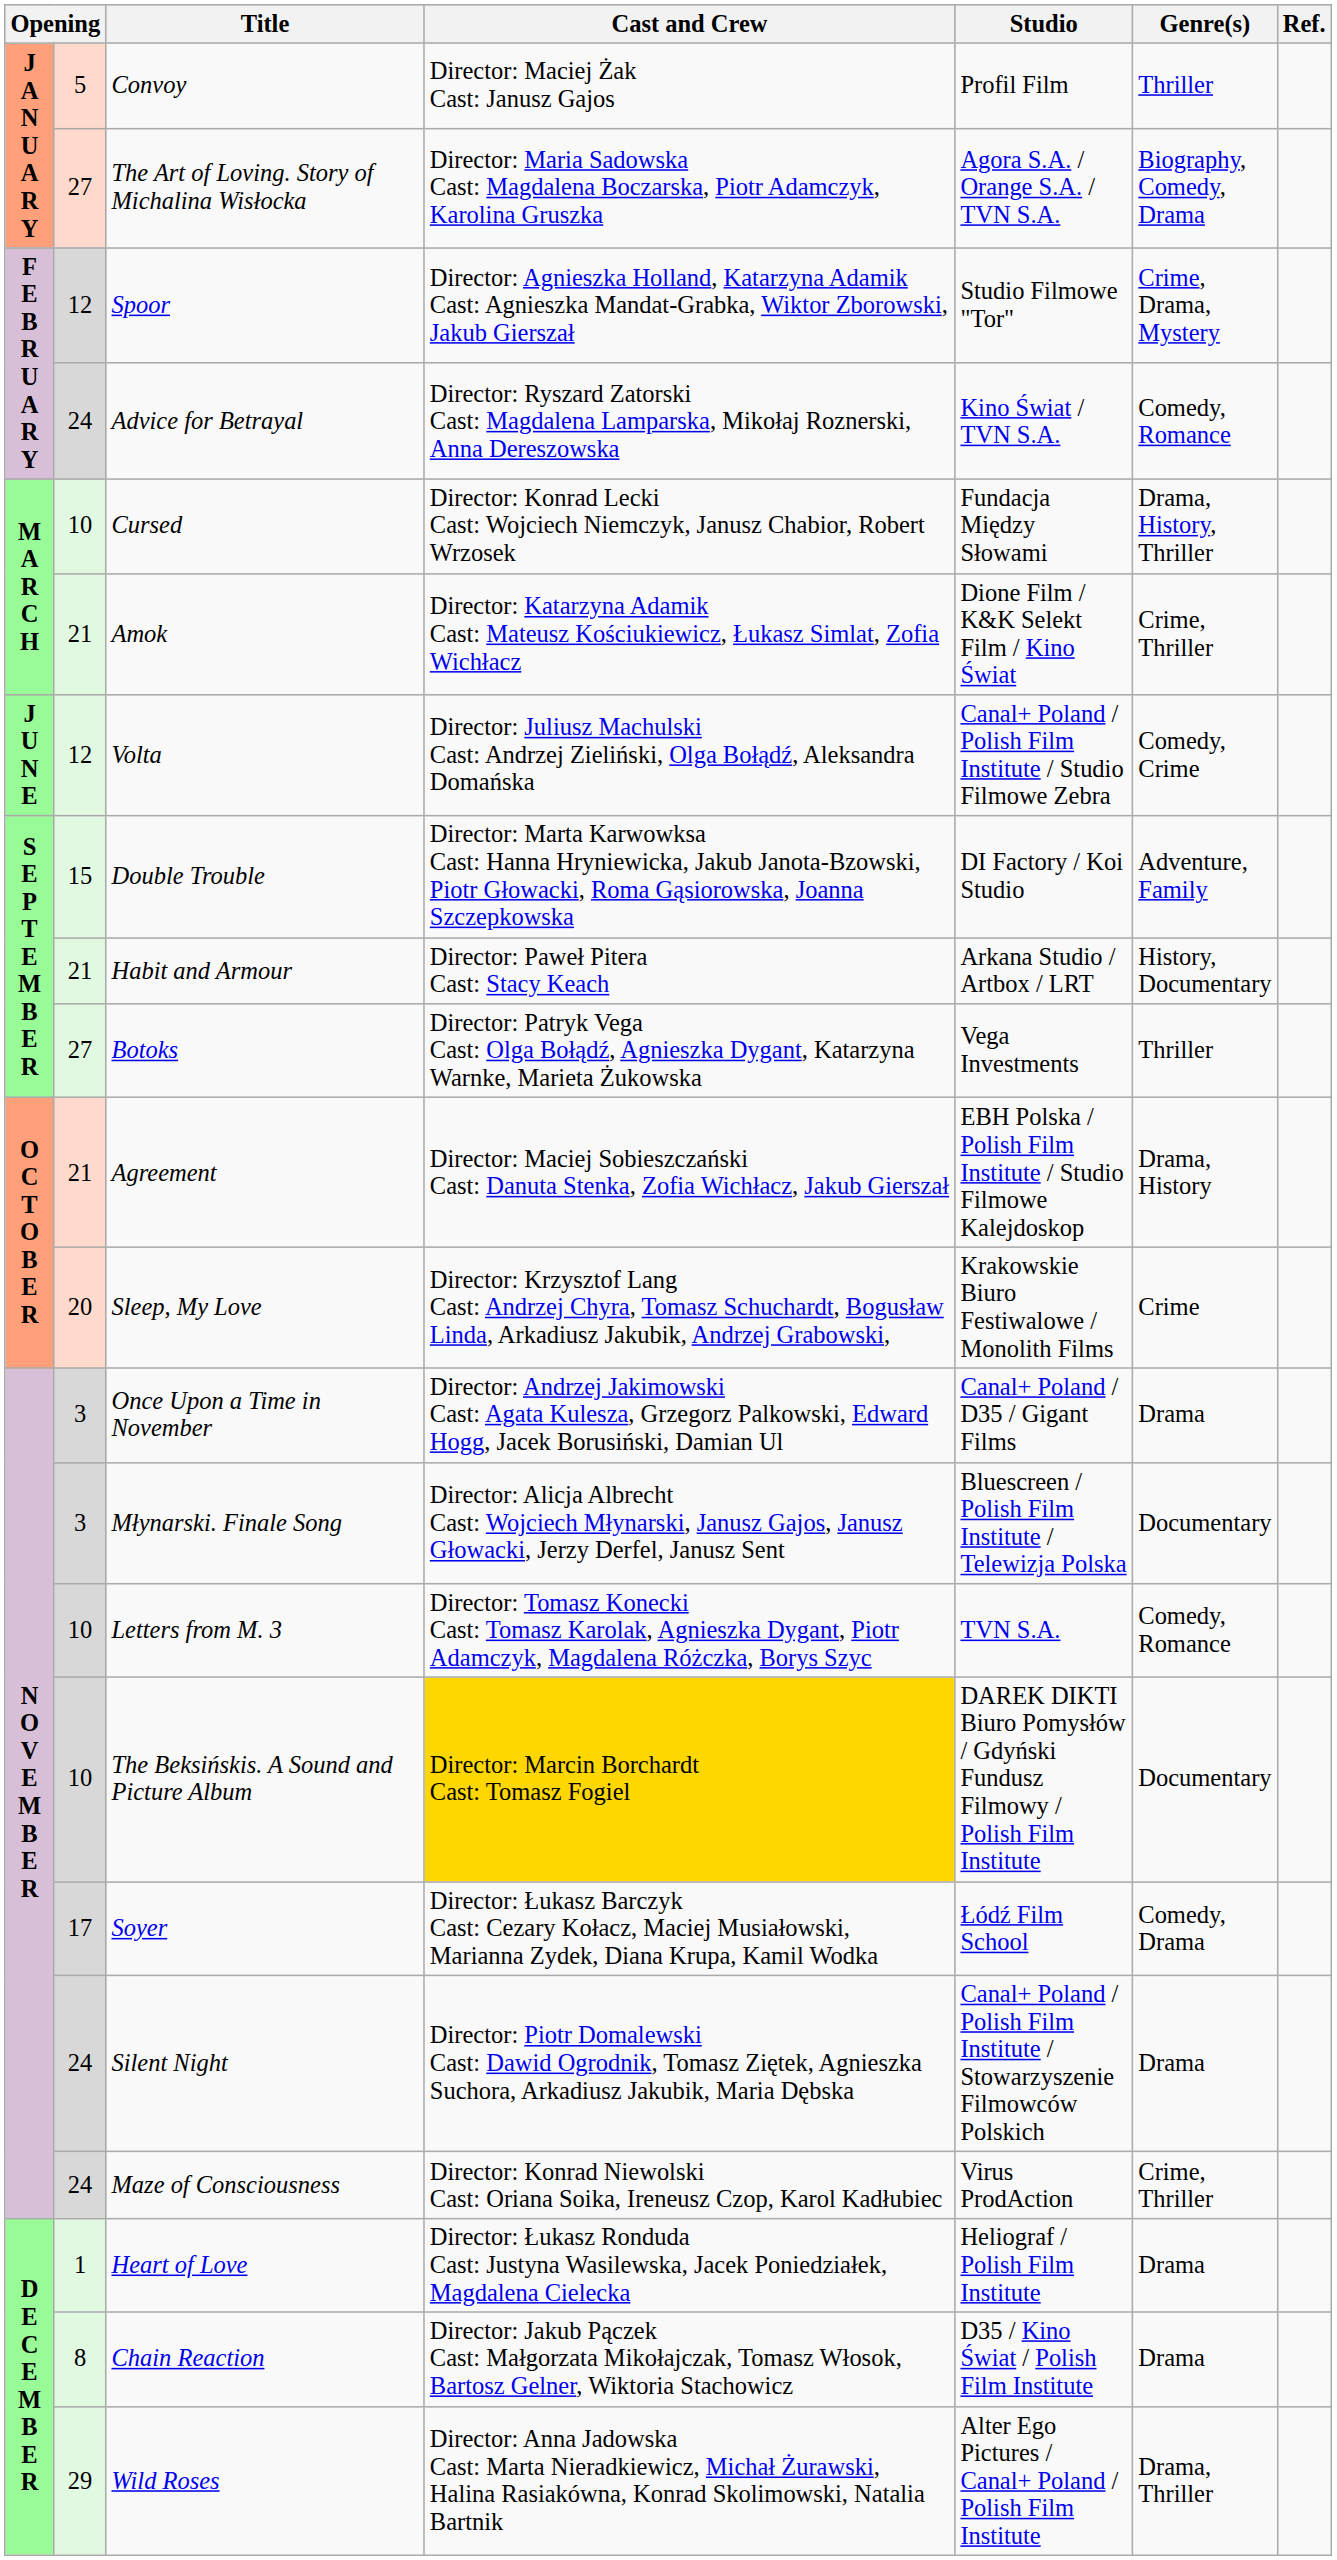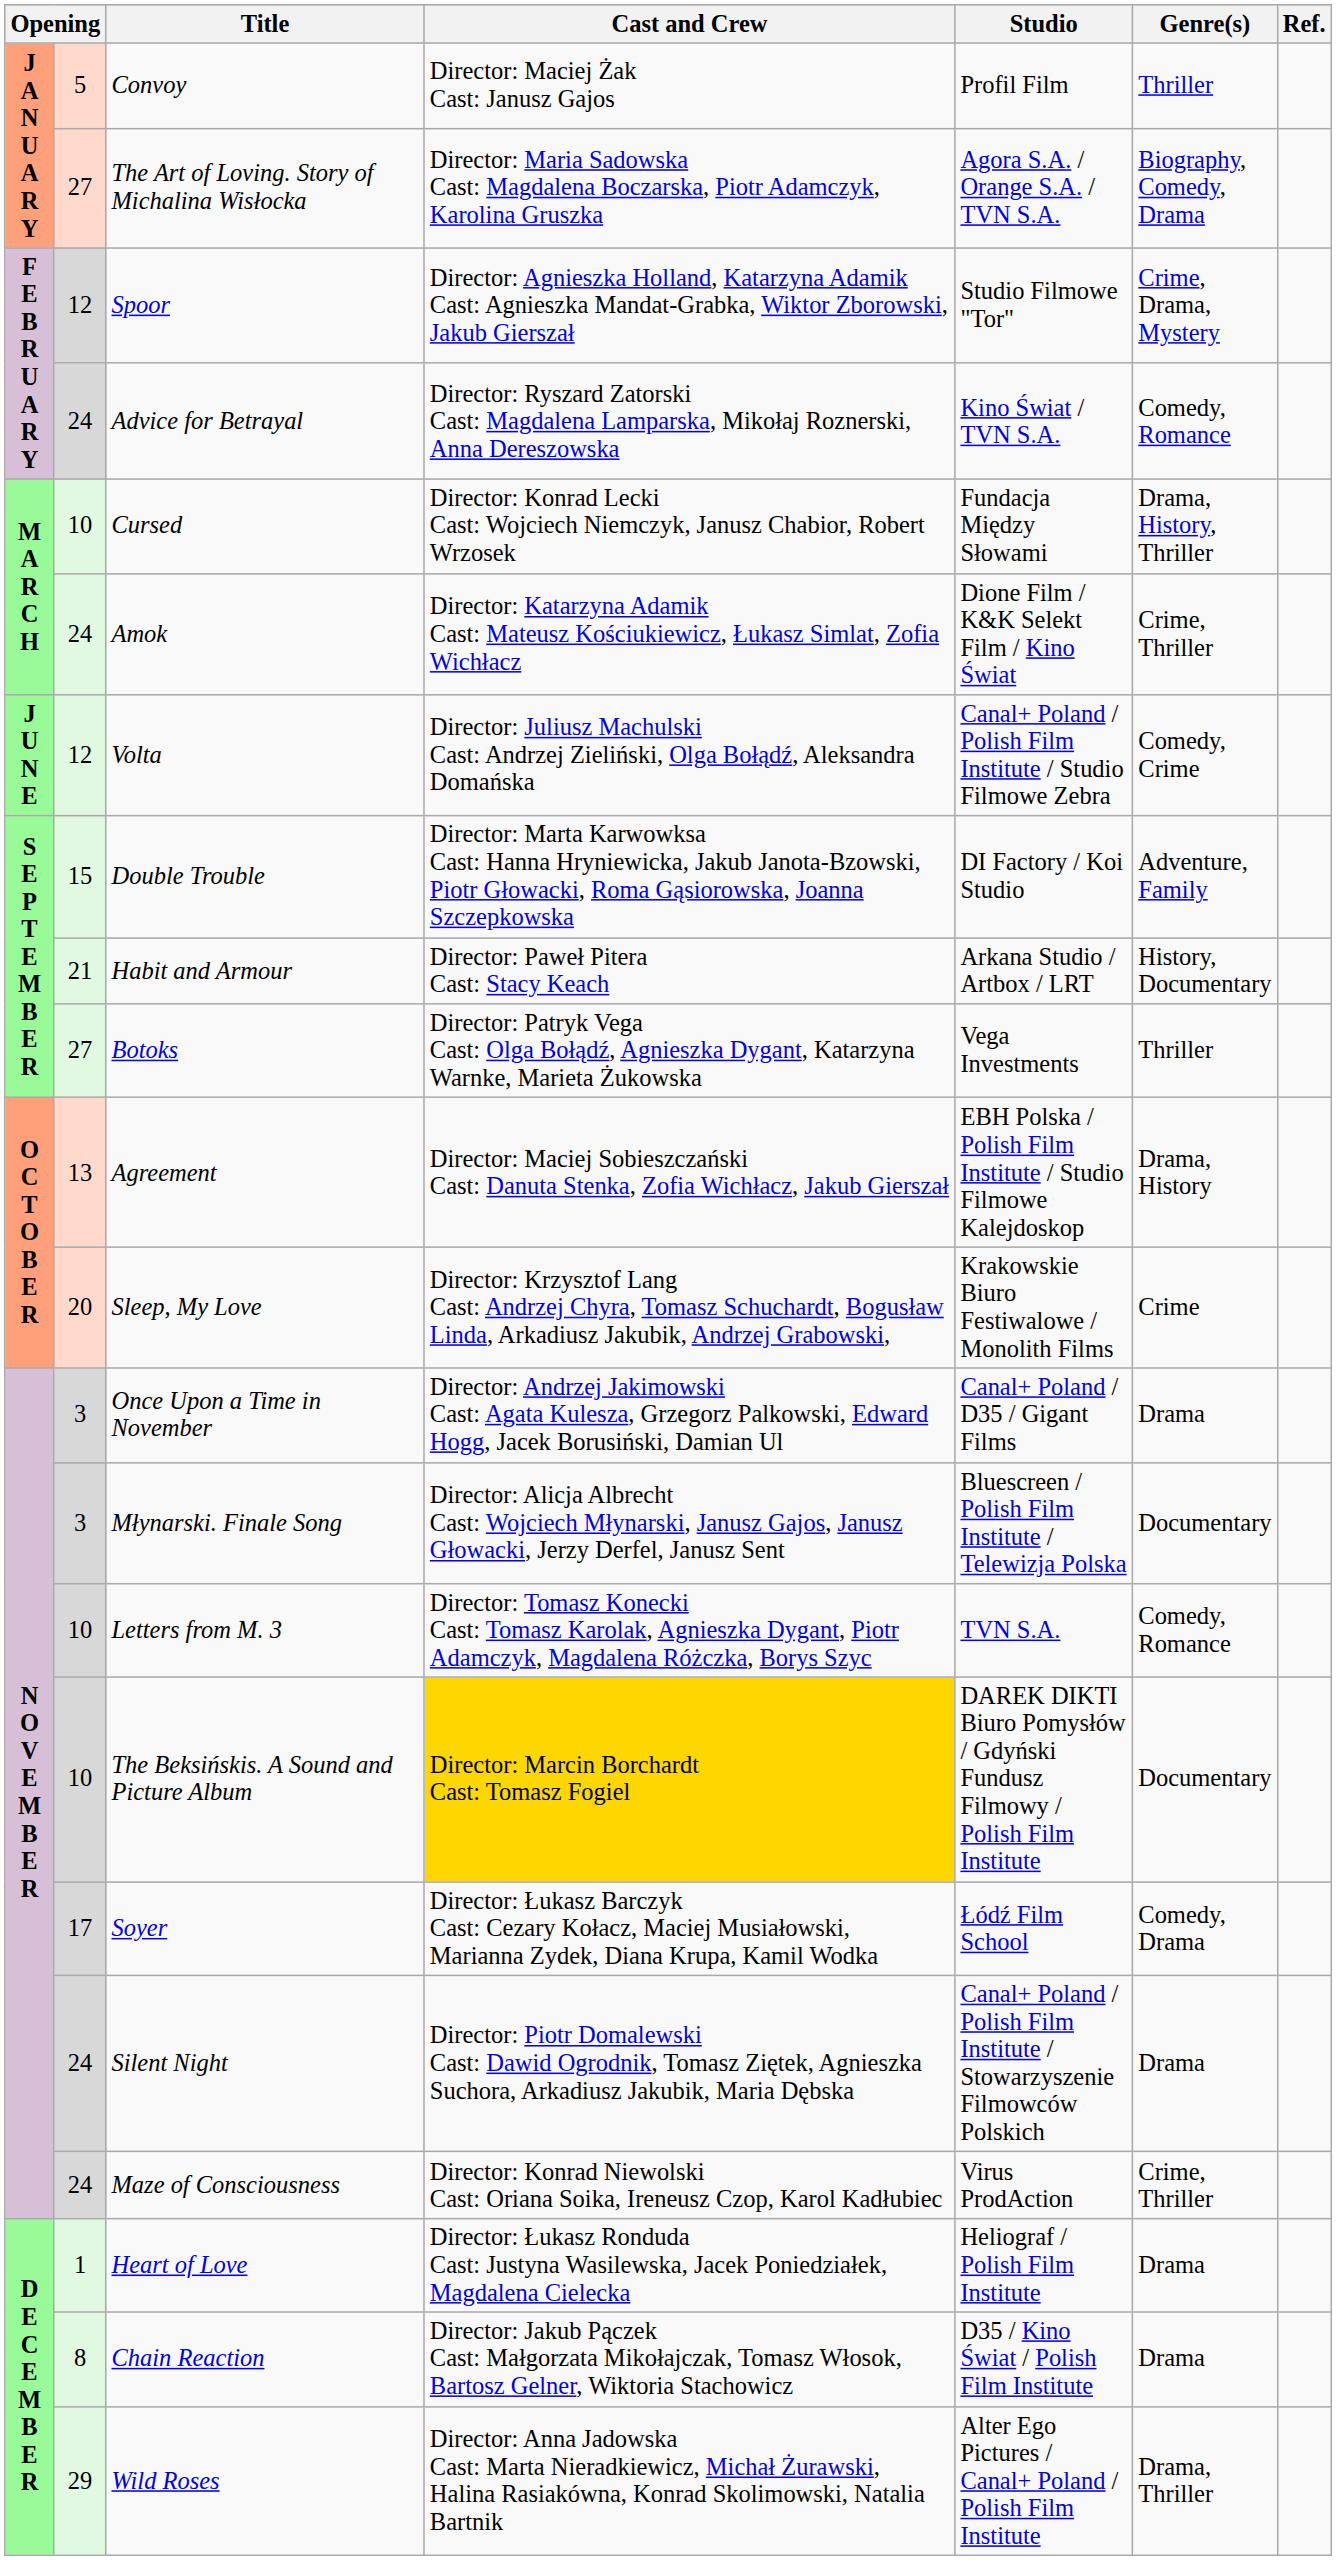 <table class="wikitable">
 <tr style="background:#b0e0e6; text-align:center;">
 <th colspan="2">Opening</th>
 <th style="width:24%;">Title</th>
 <th style="width:40%;">Cast and Crew</th>
 <th>Studio</th>
 <th style="width:10%;">Genre(s)</th>
 <th style="width:2%;">Ref.</th>
 </tr>
 <tr>
 <th rowspan="2" style="text-align:center; background:#ffa07a; textcolor:#000;">J<br>A<br>N<br>U<br>A<br>R<br>Y</th>
 <td rowspan="1" style="text-align:center; background:#ffdacc;">5</td>
 <td><em>Convoy</em></td>
 <td>Director: Maciej Żak <br> Cast: Janusz Gajos</td>
 <td>Profil Film</td>
 <td><a href='#'>Thriller</a></td>
 <td style="text-align:center"></td>
 </tr>
 <tr>
 <td rowspan="1" style="text-align:center; background:#ffdacc;">27</td>
 <td><em>The Art of Loving. Story of Michalina Wisłocka</em></td>
 <td>Director: <a href='#'>Maria Sadowska</a> <br> Cast: <a href='#'>Magdalena Boczarska</a>, <a href='#'>Piotr Adamczyk</a>, <a href='#'>Karolina Gruszka</a></td>
 <td><a href='#'>Agora S.A.</a> / <a href='#'>Orange S.A.</a> / <a href='#'>TVN S.A.</a></td>
 <td><a href='#'>Biography</a>, <a href='#'>Comedy</a>, <a href='#'>Drama</a></td>
 <td style="text-align:center"></td>
 </tr>
 <tr>
 <th rowspan="2" style="text-align:center; background:thistle; textcolor:#000;">F<br>E<br>B<br>R<br>U<br>A<br>R<br>Y</th>
 <td rowspan="1" style="text-align:center; background:#d8d8d8;">12</td>
 <td><em><a href='#'>Spoor</a></em></td>
 <td>Director: <a href='#'>Agnieszka Holland</a>, <a href='#'>Katarzyna Adamik</a> <br> Cast: Agnieszka Mandat-Grabka, <a href='#'>Wiktor Zborowski</a>, <a href='#'>Jakub Gierszał</a></td>
 <td>Studio Filmowe "Tor"</td>
 <td><a href='#'>Crime</a>, Drama, <a href='#'>Mystery</a></td>
 <td style="text-align:center"></td>
 </tr>
 <tr>
 <td rowspan="1" style="text-align:center; background:#d8d8d8;">24</td>
 <td><em>Advice for Betrayal</em></td>
 <td>Director: Ryszard Zatorski <br> Cast: <a href='#'>Magdalena Lamparska</a>, Mikołaj Roznerski, <a href='#'>Anna Dereszowska</a></td>
 <td><a href='#'>Kino Świat</a> / <a href='#'>TVN S.A.</a></td>
 <td>Comedy, <a href='#'>Romance</a></td>
 <td style="text-align:center"></td>
 </tr>
 <tr>
 <th rowspan="2" style="text-align:center; background:#98fb98; textcolor:#000;">M<br>A<br>R<br>C<br>H</th>
 <td rowspan="1" style="text-align:center; background:#e0f9e0;">10</td>
 <td><em>Cursed</em></td>
 <td>Director: Konrad Lecki <br> Cast: Wojciech Niemczyk, Janusz Chabior, Robert Wrzosek</td>
 <td>Fundacja Między Słowami</td>
 <td>Drama, <a href='#'>History</a>, Thriller</td>
 <td style="text-align:center"></td>
 </tr>
 <tr>
-<td rowspan="1" style="text-align:center; background:#e0f9e0;">21</td>
+<td rowspan="1" style="text-align:center; background:#e0f9e0;">24</td>
 <td><em>Amok</em></td>
 <td>Director: <a href='#'>Katarzyna Adamik</a> <br> Cast: <a href='#'>Mateusz Kościukiewicz</a>, <a href='#'>Łukasz Simlat</a>, <a href='#'>Zofia Wichłacz</a></td>
 <td>Dione Film / K&K Selekt Film / <a href='#'>Kino Świat</a></td>
 <td>Crime, Thriller</td>
 <td style="text-align:center"></td>
 </tr>
 <tr>
 <th rowspan="1" style="text-align:center; background:#98fb98; textcolor:#000;">J<br>U<br>N<br>E</th>
 <td rowspan="1" style="text-align:center; background:#e0f9e0;">12</td>
 <td><em>Volta</em></td>
 <td>Director: <a href='#'>Juliusz Machulski</a> <br> Cast: Andrzej Zieliński, <a href='#'>Olga Bołądź</a>, Aleksandra Domańska</td>
 <td><a href='#'>Canal+ Poland</a> / <a href='#'>Polish Film Institute</a> / Studio Filmowe Zebra</td>
 <td>Comedy, Crime</td>
 <td style="text-align:center"></td>
 </tr>
 <tr>
 <th rowspan="3" style="text-align:center; background:#98fb98; textcolor:#000;">S<br>E<br>P<br>T<br>E<br>M<br>B<br>E<br>R</th>
 <td rowspan="1" style="text-align:center; background:#e0f9e0;">15</td>
 <td><em>Double Trouble</em></td>
 <td>Director: Marta Karwowksa <br> Cast: Hanna Hryniewicka, Jakub Janota-Bzowski, <a href='#'>Piotr Głowacki</a>, <a href='#'>Roma Gąsiorowska</a>, <a href='#'>Joanna Szczepkowska</a></td>
 <td>DI Factory / Koi Studio</td>
 <td>Adventure, <a href='#'>Family</a></td>
 <td style="text-align:center"></td>
 </tr>
 <tr>
 <td rowspan="1" style="text-align:center; background:#e0f9e0;">21</td>
 <td><em>Habit and Armour</em></td>
 <td>Director: Paweł Pitera <br> Cast: <a href='#'>Stacy Keach</a></td>
 <td>Arkana Studio / Artbox / LRT</td>
 <td>History, Documentary</td>
 <td style="text-align:center"></td>
 </tr>
 <tr>
 <td rowspan="1" style="text-align:center; background:#e0f9e0;">27</td>
 <td><em><a href='#'>Botoks</a></em></td>
 <td>Director: Patryk Vega <br> Cast: <a href='#'>Olga Bołądź</a>, <a href='#'>Agnieszka Dygant</a>, Katarzyna Warnke, Marieta Żukowska</td>
 <td>Vega Investments</td>
 <td>Thriller</td>
 <td style="text-align:center"></td>
 </tr>
 <tr>
 <th rowspan="2" style="text-align:center; background:#ffa07a; textcolor:#000;">O<br>C<br>T<br>O<br>B<br>E<br>R</th>
-<td rowspan="1" style="text-align:center; background:#ffdacc;">21</td>
+<td rowspan="1" style="text-align:center; background:#ffdacc;">13</td>
 <td><em>Agreement</em></td>
 <td>Director: Maciej Sobieszczański <br> Cast: <a href='#'>Danuta Stenka</a>, <a href='#'>Zofia Wichłacz</a>, <a href='#'>Jakub Gierszał</a></td>
 <td>EBH Polska / <a href='#'>Polish Film Institute</a> / Studio Filmowe Kalejdoskop</td>
 <td>Drama, History</td>
 <td style="text-align:center"></td>
 </tr>
 <tr>
 <td rowspan="1" style="text-align:center; background:#ffdacc;">20</td>
 <td><em>Sleep, My Love</em></td>
 <td>Director: Krzysztof Lang <br> Cast: <a href='#'>Andrzej Chyra</a>, <a href='#'>Tomasz Schuchardt</a>, <a href='#'>Bogusław Linda</a>, Arkadiusz Jakubik, <a href='#'>Andrzej Grabowski</a>,</td>
 <td>Krakowskie Biuro Festiwalowe / Monolith Films</td>
 <td>Crime</td>
 <td style="text-align:center"></td>
 </tr>
 <tr>
 <th rowspan="7" style="text-align:center; background:thistle; textcolor:#000;">N<br>O<br>V<br>E<br>M<br>B<br>E<br>R</th>
 <td rowspan="1" style="text-align:center; background:#d8d8d8;">3</td>
 <td><em>Once Upon a Time in November</em></td>
 <td>Director: <a href='#'>Andrzej Jakimowski</a> <br> Cast: <a href='#'>Agata Kulesza</a>, Grzegorz Palkowski, <a href='#'>Edward Hogg</a>, Jacek Borusiński, Damian Ul</td>
 <td><a href='#'>Canal+ Poland</a> / D35 / Gigant Films</td>
 <td>Drama</td>
 <td style="text-align:center"></td>
 </tr>
 <tr>
 <td rowspan="1" style="text-align:center; background:#d8d8d8;">3</td>
 <td><em>Młynarski. Finale Song</em></td>
 <td>Director: Alicja Albrecht  <br> Cast: <a href='#'>Wojciech Młynarski</a>, <a href='#'>Janusz Gajos</a>, <a href='#'>Janusz Głowacki</a>, Jerzy Derfel, Janusz Sent</td>
 <td>Bluescreen / <a href='#'>Polish Film Institute</a> / <a href='#'>Telewizja Polska</a></td>
 <td>Documentary</td>
 <td style="text-align:center"></td>
 </tr>
 <tr>
 <td rowspan="1" style="text-align:center; background:#d8d8d8;">10</td>
 <td><em>Letters from M. 3</em></td>
 <td>Director: <a href='#'>Tomasz Konecki</a> <br> Cast: <a href='#'>Tomasz Karolak</a>, <a href='#'>Agnieszka Dygant</a>, <a href='#'>Piotr Adamczyk</a>, <a href='#'>Magdalena Różczka</a>, <a href='#'>Borys Szyc</a></td>
 <td><a href='#'>TVN S.A.</a></td>
 <td>Comedy, Romance</td>
 <td style="text-align:center"></td>
 </tr>
 <tr>
 <td rowspan="1" style="text-align:center; background:#d8d8d8;">10</td>
 <td><em>The Beksińskis. A Sound and Picture Album</em></td>
 <td style="background: gold;">Director: Marcin Borchardt  <br> Cast: Tomasz Fogiel</td>
 <td>DAREK DIKTI Biuro Pomysłów / Gdyński Fundusz Filmowy / <a href='#'>Polish Film Institute</a></td>
 <td>Documentary</td>
 <td style="text-align:center"></td>
 </tr>
 <tr>
 <td rowspan="1" style="text-align:center; background:#d8d8d8;">17</td>
 <td><em><a href='#'>Soyer</a></em></td>
 <td>Director: Łukasz Barczyk  <br> Cast: Cezary Kołacz, Maciej Musiałowski, Marianna Zydek, Diana Krupa, Kamil Wodka</td>
 <td><a href='#'>Łódź Film School</a></td>
 <td>Comedy, Drama</td>
 <td style="text-align:center"></td>
 </tr>
 <tr>
 <td rowspan="1" style="text-align:center; background:#d8d8d8;">24</td>
 <td><em>Silent Night</em></td>
 <td>Director: <a href='#'>Piotr Domalewski</a> <br> Cast: <a href='#'>Dawid Ogrodnik</a>, Tomasz Ziętek, Agnieszka Suchora, Arkadiusz Jakubik, Maria Dębska</td>
 <td><a href='#'>Canal+ Poland</a> / <a href='#'>Polish Film Institute</a> / Stowarzyszenie Filmowców Polskich</td>
 <td>Drama</td>
 <td style="text-align:center"></td>
 </tr>
 <tr>
 <td rowspan="1" style="text-align:center; background:#d8d8d8;">24</td>
 <td><em>Maze of Consciousness</em></td>
 <td>Director: Konrad Niewolski <br> Cast: Oriana Soika, Ireneusz Czop, Karol Kadłubiec</td>
 <td>Virus ProdAction</td>
 <td>Crime, Thriller</td>
 <td style="text-align:center"></td>
 </tr>
 <tr>
 <th rowspan="3" style="text-align:center; background:#98fb98; textcolor:#000;">D<br>E<br>C<br>E<br>M<br>B<br>E<br>R</th>
 <td rowspan="1" style="text-align:center; background:#e0f9e0;">1</td>
 <td><em><a href='#'>Heart of Love</a></em></td>
 <td>Director: Łukasz Ronduda <br> Cast: Justyna Wasilewska, Jacek Poniedziałek, <a href='#'>Magdalena Cielecka</a></td>
 <td>Heliograf / <a href='#'>Polish Film Institute</a></td>
 <td>Drama</td>
 <td style="text-align:center"></td>
 </tr>
 <tr>
 <td rowspan="1" style="text-align:center; background:#e0f9e0;">8</td>
 <td><em><a href='#'>Chain Reaction</a></em></td>
 <td>Director: Jakub Pączek <br> Cast: Małgorzata Mikołajczak, Tomasz Włosok, <a href='#'>Bartosz Gelner</a>, Wiktoria Stachowicz</td>
 <td>D35 / <a href='#'>Kino Świat</a> / <a href='#'>Polish Film Institute</a></td>
 <td>Drama</td>
 <td style="text-align:center"></td>
 </tr>
 <tr>
 <td rowspan="1" style="text-align:center; background:#e0f9e0;">29</td>
 <td><em><a href='#'>Wild Roses</a></em></td>
 <td>Director: Anna Jadowska <br> Cast: Marta Nieradkiewicz, <a href='#'>Michał Żurawski</a>, Halina Rasiakówna, Konrad Skolimowski, Natalia Bartnik</td>
 <td>Alter Ego Pictures / <a href='#'>Canal+ Poland</a> / <a href='#'>Polish Film Institute</a></td>
 <td>Drama, Thriller</td>
 <td style="text-align:center"></td>
 </tr>
 </table>
